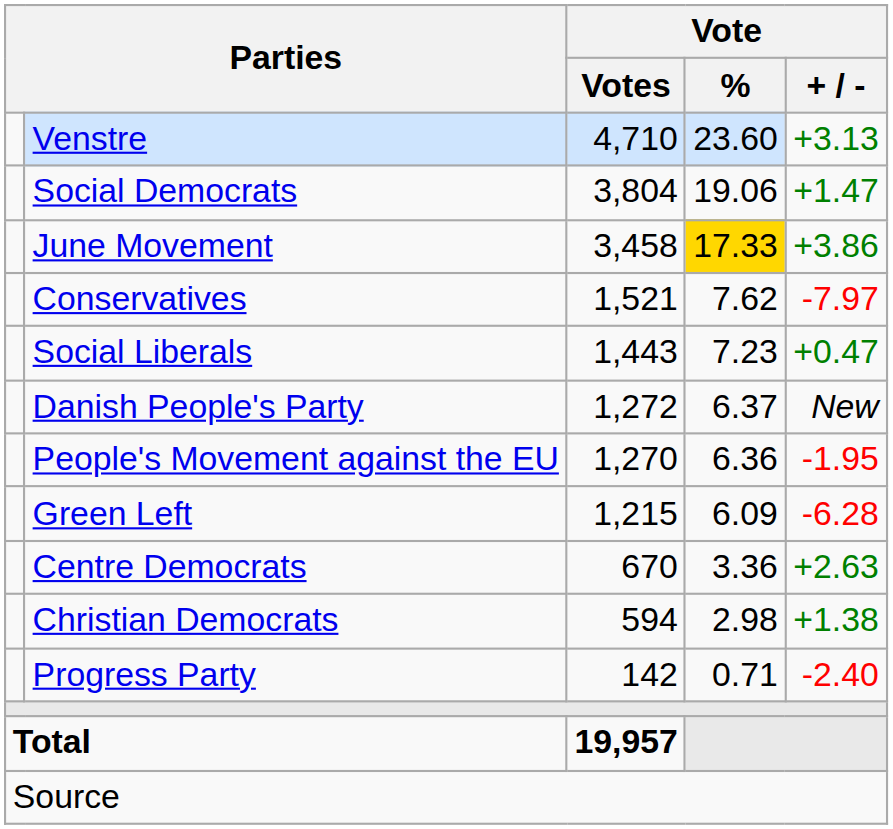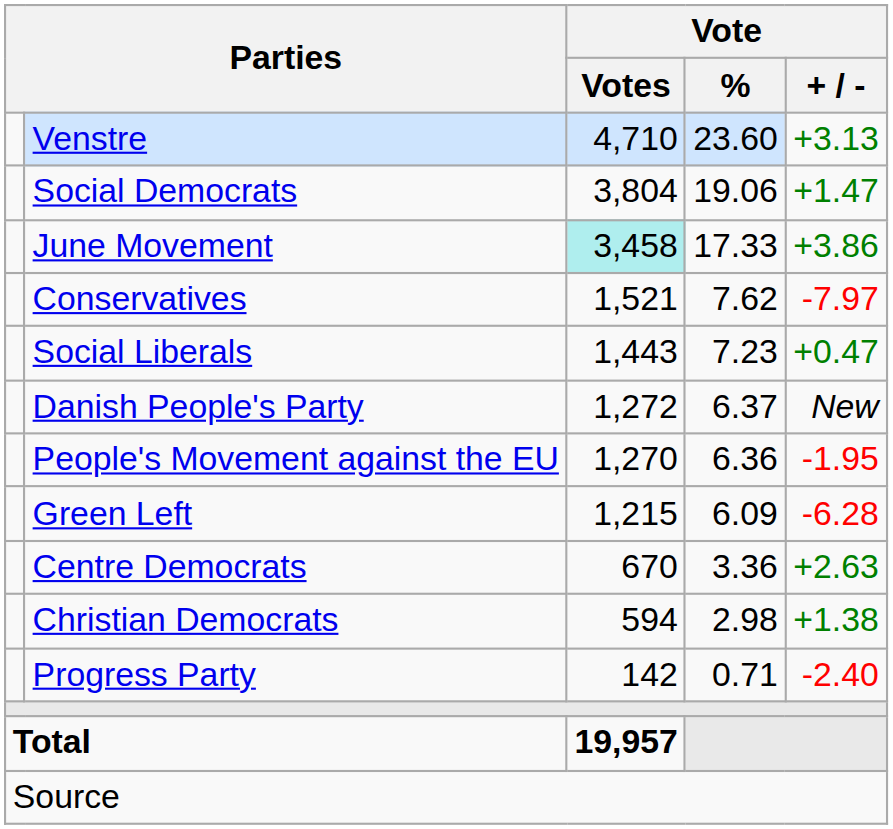 <table class="wikitable" style="text-align:right;">
 <tr>
 <th style="text-align:centre;" rowspan="2" colspan="2" width="225">Parties</th>
 <th colspan="3">Vote</th>
 </tr>
 <tr>
 <th width="15">Votes</th>
 <th width="15">%</th>
 <th width="15">+ / -</th>
 </tr>
 <tr>
 <td width="2" style="color:inherit;background:"></td>
 <td bgcolor=#cfe5fe   align="left"><a href='#'>Venstre</a></td>
 <td bgcolor=#cfe5fe>4,710</td>
 <td bgcolor=#cfe5fe>23.60</td>
 <td style=color:green;>+3.13</td>
 </tr>
 <tr>
 <td width="2" style="color:inherit;background:"></td>
 <td align="left"><a href='#'>Social Democrats</a></td>
 <td>3,804</td>
 <td>19.06</td>
 <td style=color:green;>+1.47</td>
 </tr>
 <tr>
 <td width="2" style="color:inherit;background:"></td>
 <td align="left"><a href='#'>June Movement</a></td>
-<td>3,458</td>
-<td style="background: gold;">17.33</td>
+<td style="background: paleturquoise;">3,458</td>
+<td>17.33</td>
 <td style=color:green;>+3.86</td>
 </tr>
 <tr>
 <td width="2" style="color:inherit;background:"></td>
 <td align="left"><a href='#'>Conservatives</a></td>
 <td>1,521</td>
 <td>7.62</td>
 <td style=color:red;>-7.97</td>
 </tr>
 <tr>
 <td width="2" style="color:inherit;background:"></td>
 <td align="left"><a href='#'>Social Liberals</a></td>
 <td>1,443</td>
 <td>7.23</td>
 <td style=color:green;>+0.47</td>
 </tr>
 <tr>
 <td width="2" style="color:inherit;background:"></td>
 <td align="left"><a href='#'>Danish People's Party</a></td>
 <td>1,272</td>
 <td>6.37</td>
 <td><em>New</em></td>
 </tr>
 <tr>
 <td width="2" style="color:inherit;background:"></td>
 <td align="left"><a href='#'>People's Movement against the EU</a></td>
 <td>1,270</td>
 <td>6.36</td>
 <td style=color:red;>-1.95</td>
 </tr>
 <tr>
 <td width="2" style="color:inherit;background:"></td>
 <td align="left"><a href='#'>Green Left</a></td>
 <td>1,215</td>
 <td>6.09</td>
 <td style=color:red;>-6.28</td>
 </tr>
 <tr>
 <td width="2" style="color:inherit;background:"></td>
 <td align="left"><a href='#'>Centre Democrats</a></td>
 <td>670</td>
 <td>3.36</td>
 <td style=color:green;>+2.63</td>
 </tr>
 <tr>
 <td width="2" style="color:inherit;background:"></td>
 <td align="left"><a href='#'>Christian Democrats</a></td>
 <td>594</td>
 <td>2.98</td>
 <td style=color:green;>+1.38</td>
 </tr>
 <tr>
 <td width="2" style="color:inherit;background:"></td>
 <td align="left"><a href='#'>Progress Party</a></td>
 <td>142</td>
 <td>0.71</td>
 <td style=color:red;>-2.40</td>
 </tr>
 <tr>
 <td colspan="7" bgcolor="#E9E9E9"></td>
 </tr>
 <tr>
 <td align="left" colspan="2"><strong>Total</strong></td>
 <td><strong>19,957</strong></td>
 <td bgcolor="#E9E9E9" colspan="2"></td>
 </tr>
 <tr>
 <td align="left" colspan="6">Source</td>
 </tr>
 </table>
